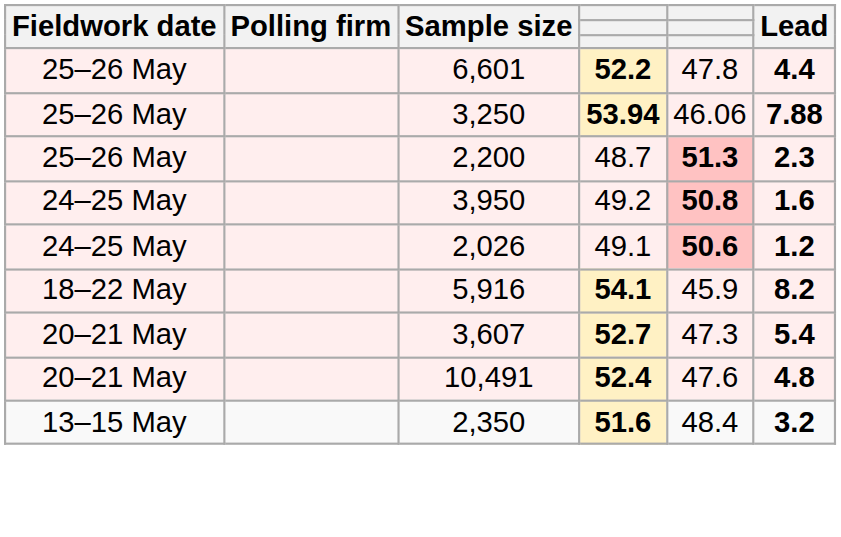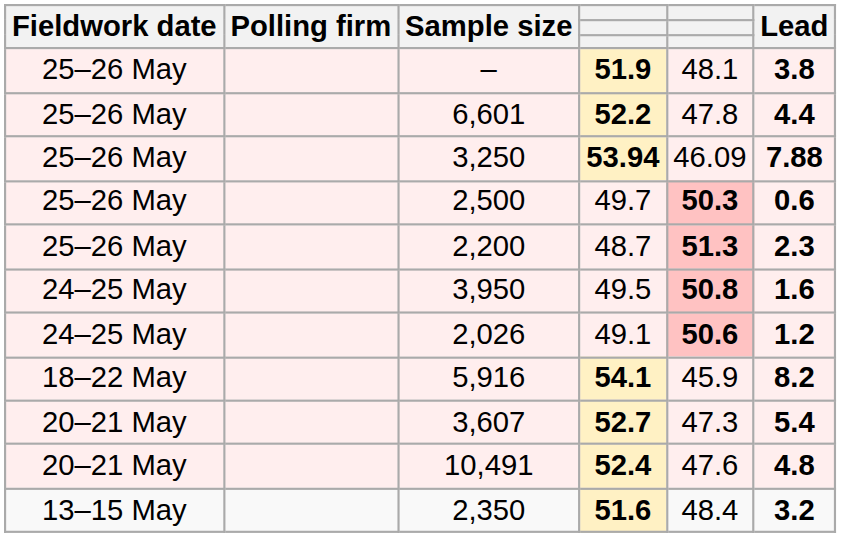 <table class="wikitable mw-datatable mw-collapsible" style="text-align:center; font-size:85%; line-height:14px;">
 <tr>
 <th rowspan="3">Fieldwork date</th>
 <th rowspan="3">Polling firm</th>
 <th rowspan="3">Sample size</th>
 <th></th>
 <th></th>
 <th rowspan="3">Lead</th>
 </tr>
 <tr>
 <th></th>
 <th></th>
 </tr>
 <tr>
 <th style="background:"></th>
 <th style="background:"></th>
 </tr>
 <tr style="background: #FFEEEE">
 <td>25–26 May</td>
 <td></td>
+<td>–</td>
+<td style="background:#FFF1C4"><strong>51.9</strong></td>
+<td>48.1</td>
+<td style="background:"><strong>3.8</strong></td>
+</tr>
+<tr style="background: #FFEEEE">
+<td>25–26 May</td>
+<td></td>
 <td>6,601</td>
 <td style="background:#FFF1C4"><strong>52.2</strong></td>
 <td>47.8</td>
 <td style="background:"><strong>4.4</strong></td>
 </tr>
 <tr style="background: #FFEEEE">
 <td>25–26 May</td>
 <td></td>
 <td>3,250</td>
 <td style="background:#FFF1C4"><strong>53.94</strong></td>
-<td>46.06</td>
+<td>46.09</td>
 <td style="background:"><strong>7.88</strong></td>
+</tr>
+<tr style="background: #FFEEEE">
+<td>25–26 May</td>
+<td></td>
+<td>2,500</td>
+<td>49.7</td>
+<td style="background:#FFC2C2"><strong>50.3</strong></td>
+<td style="background:"><strong>0.6</strong></td>
 </tr>
 <tr style="background: #FFEEEE">
 <td>25–26 May</td>
 <td></td>
 <td>2,200</td>
 <td>48.7</td>
 <td style="background:#FFC2C2"><strong>51.3</strong></td>
 <td style="background:"><strong>2.3</strong></td>
 </tr>
 <tr style="background: #FFEEEE">
 <td>24–25 May</td>
 <td></td>
 <td>3,950</td>
-<td>49.2</td>
+<td>49.5</td>
 <td style="background:#FFC2C2"><strong>50.8</strong></td>
 <td style="background:"><strong>1.6</strong></td>
 </tr>
 <tr style="background: #FFEEEE">
 <td>24–25 May</td>
 <td></td>
 <td>2,026</td>
 <td>49.1</td>
 <td style="background:#FFC2C2"><strong>50.6</strong></td>
 <td style="background:"><strong>1.2</strong></td>
 </tr>
 <tr style="background: #FFEEEE">
 <td>18–22 May</td>
 <td></td>
 <td>5,916</td>
 <td style="background:#FFF1C4"><strong>54.1</strong></td>
 <td>45.9</td>
 <td style="background:"><strong>8.2</strong></td>
 </tr>
 <tr style="background: #FFEEEE">
 <td>20–21 May</td>
 <td></td>
 <td>3,607</td>
 <td style="background:#FFF1C4"><strong>52.7</strong></td>
 <td>47.3</td>
 <td style="background:"><strong>5.4</strong></td>
 </tr>
 <tr style="background: #FFEEEE">
 <td>20–21 May</td>
 <td></td>
 <td>10,491</td>
 <td style="background:#FFF1C4"><strong>52.4</strong></td>
 <td>47.6</td>
 <td style="background:"><strong>4.8</strong></td>
 </tr>
 <tr>
 <td>13–15 May</td>
 <td></td>
 <td>2,350</td>
 <td style="background:#FFF1C4"><strong>51.6</strong></td>
 <td>48.4</td>
 <td style="background:"><strong>3.2</strong></td>
 </tr>
 </table>
